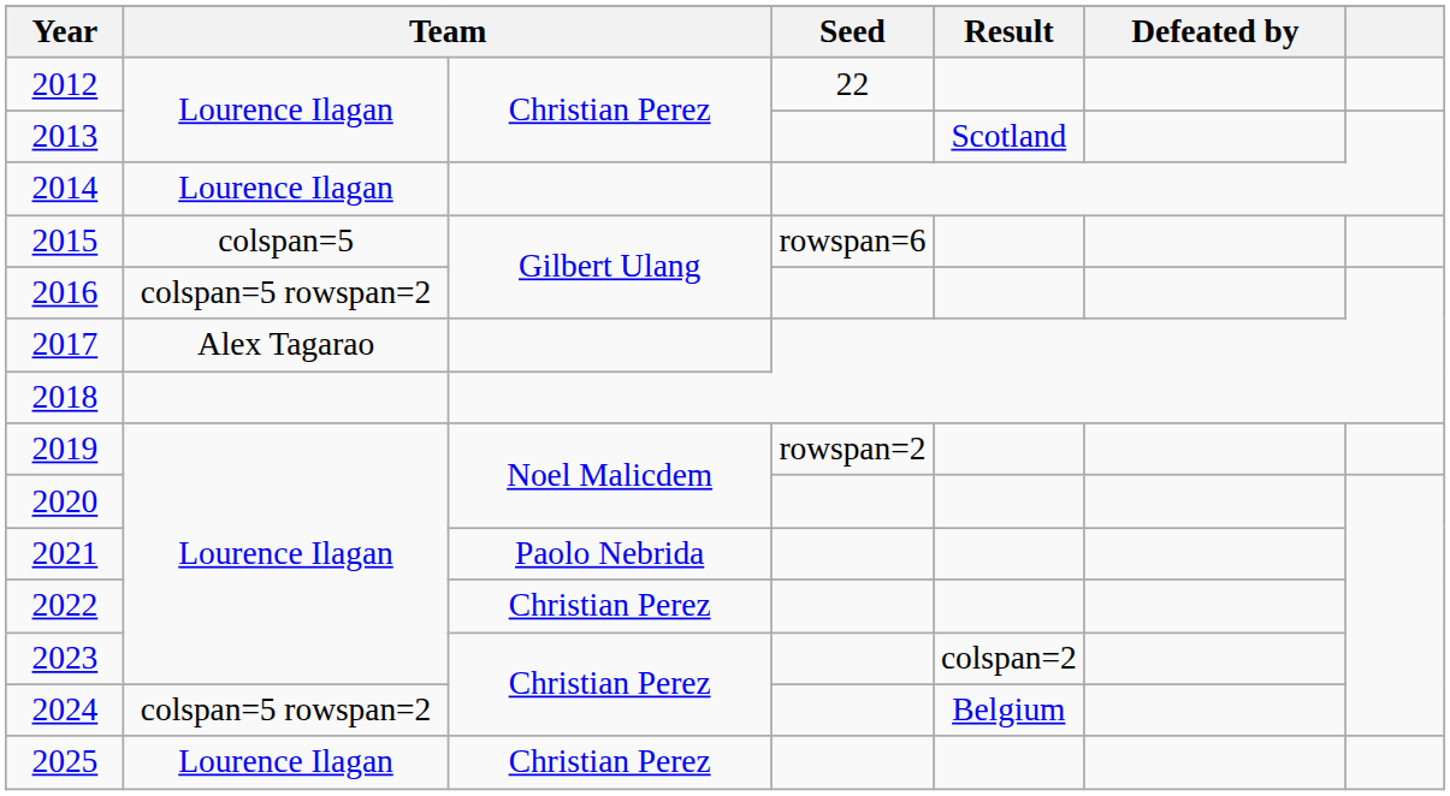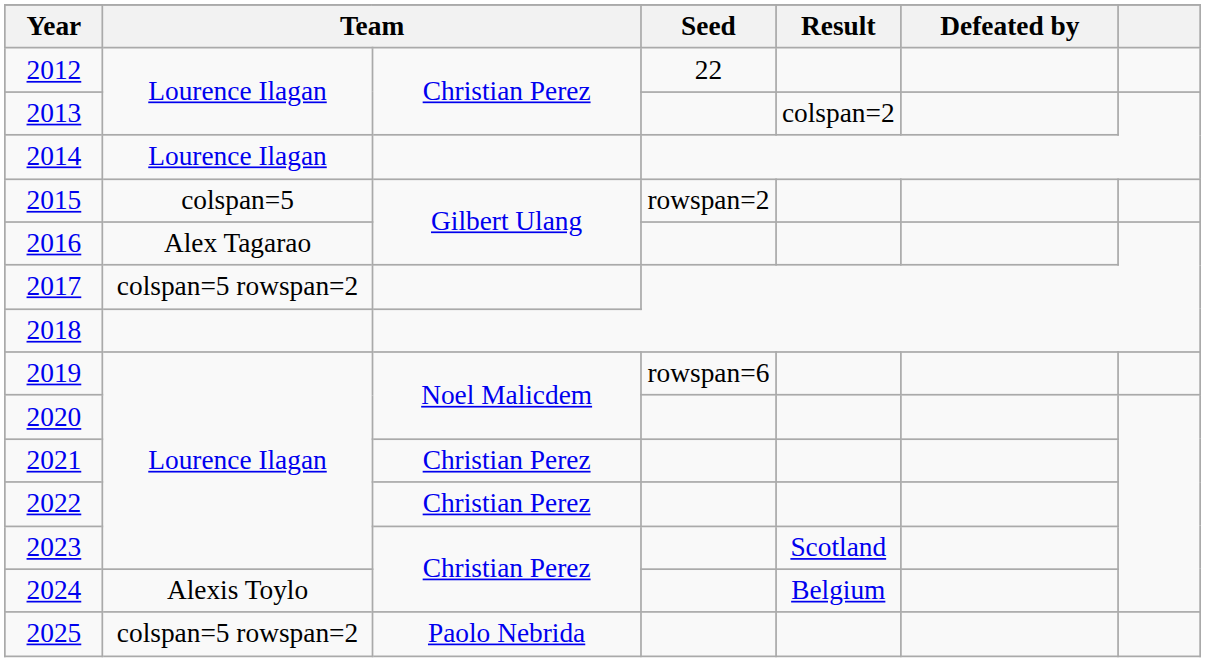 <table class="wikitable" style="text-align: center;">
 <tr style= "background: #e2e2e2;">
 </tr>
 <tr style="background: #efefef;">
 <th width=50px>Year</th>
 <th colspan="2">Team</th>
 <th width=50px>Seed</th>
 <th width=50px>Result</th>
 <th width=120px>Defeated by</th>
 <th width=40px></th>
 </tr>
 <tr>
 <td><a href='#'>2012</a></td>
 <td rowspan=2 width=150px><a href='#'>Lourence Ilagan</a></td>
 <td rowspan=2 width=150px><a href='#'>Christian Perez</a></td>
 <td>22</td>
 <td></td>
 <td> </td>
 <td></td>
 </tr>
 <tr>
 <td><a href='#'>2013</a></td>
 <td></td>
-<td> <a href='#'>Scotland</a></td>
+<td>colspan=2 </td>
 <td></td>
 </tr>
 <tr>
 <td><a href='#'>2014</a></td>
 <td><a href='#'>Lourence Ilagan</a></td>
 <td></td>
 </tr>
 <tr>
 <td><a href='#'>2015</a></td>
 <td>colspan=5 </td>
 <td rowspan=2><a href='#'>Gilbert Ulang</a></td>
-<td>rowspan=6 </td>
+<td>rowspan=2 </td>
 <td></td>
 <td> </td>
 <td></td>
 </tr>
 <tr>
 <td><a href='#'>2016</a></td>
-<td>colspan=5 rowspan=2 </td>
+<td>Alex Tagarao</td>
 <td></td>
 <td> </td>
 <td></td>
 </tr>
 <tr>
 <td><a href='#'>2017</a></td>
-<td>Alex Tagarao</td>
+<td>colspan=5 rowspan=2 </td>
 <td></td>
 </tr>
 <tr>
 <td><a href='#'>2018</a></td>
 <td></td>
 </tr>
 <tr>
 <td><a href='#'>2019</a></td>
 <td rowspan=5><a href='#'>Lourence Ilagan</a></td>
 <td rowspan=2><a href='#'>Noel Malicdem</a></td>
-<td>rowspan=2 </td>
+<td>rowspan=6 </td>
 <td></td>
 <td> </td>
 <td></td>
 </tr>
 <tr>
 <td><a href='#'>2020</a></td>
 <td></td>
 <td> </td>
 <td></td>
 </tr>
 <tr>
 <td><a href='#'>2021</a></td>
-<td><a href='#'>Paolo Nebrida</a></td>
+<td><a href='#'>Christian Perez</a></td>
 <td></td>
 <td> </td>
 <td></td>
 </tr>
 <tr>
 <td><a href='#'>2022</a></td>
 <td><a href='#'>Christian Perez</a></td>
 <td></td>
 <td> </td>
 <td></td>
 </tr>
 <tr>
 <td><a href='#'>2023</a></td>
 <td rowspan=2><a href='#'>Christian Perez</a></td>
 <td></td>
-<td>colspan=2 </td>
+<td> <a href='#'>Scotland</a></td>
 <td></td>
 </tr>
 <tr>
 <td><a href='#'>2024</a></td>
-<td>colspan=5 rowspan=2 </td>
+<td>Alexis Toylo</td>
 <td></td>
 <td> <a href='#'>Belgium</a></td>
 <td></td>
 </tr>
 <tr>
 <td><a href='#'>2025</a></td>
-<td><a href='#'>Lourence Ilagan</a></td>
-<td><a href='#'>Christian Perez</a></td>
+<td>colspan=5 rowspan=2 </td>
+<td><a href='#'>Paolo Nebrida</a></td>
 <td></td>
 <td></td>
 <td></td>
 <td></td>
 </tr>
 </table>
